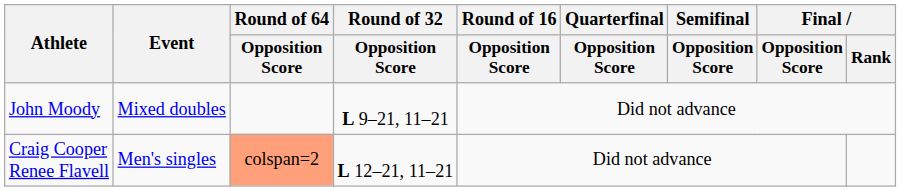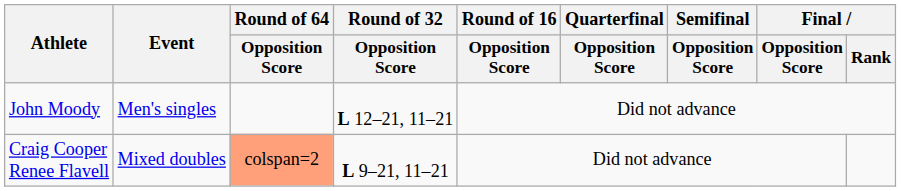 <table class=wikitable style="font-size:90%">
 <tr>
 <th rowspan="2">Athlete</th>
 <th rowspan="2">Event</th>
 <th>Round of 64</th>
 <th>Round of 32</th>
 <th>Round of 16</th>
 <th>Quarterfinal</th>
 <th>Semifinal</th>
 <th colspan=2>Final / </th>
 </tr>
 <tr style="font-size:95%">
 <th>Opposition<br>Score</th>
 <th>Opposition<br>Score</th>
 <th>Opposition<br>Score</th>
 <th>Opposition<br>Score</th>
 <th>Opposition<br>Score</th>
 <th>Opposition<br>Score</th>
 <th>Rank</th>
 </tr>
 <tr align=center>
 <td align=left><a href='#'>John Moody</a></td>
-<td align=left><a href='#'>Mixed doubles</a></td>
+<td align=left><a href='#'>Men's singles</a></td>
 <td></td>
-<td><br><strong>L</strong> 9–21, 11–21</td>
+<td><br><strong>L</strong> 12–21, 11–21</td>
 <td colspan=5>Did not advance</td>
 </tr>
 <tr align=center>
 <td align=left><a href='#'>Craig Cooper</a><br><a href='#'>Renee Flavell</a></td>
-<td align=left><a href='#'>Men's singles</a></td>
+<td align=left><a href='#'>Mixed doubles</a></td>
 <td style="background: lightsalmon;">colspan=2 </td>
-<td><br><strong>L</strong> 12–21, 11–21</td>
+<td><br><strong>L</strong> 9–21, 11–21</td>
 <td colspan=4>Did not advance</td>
 </tr>
 </table>
